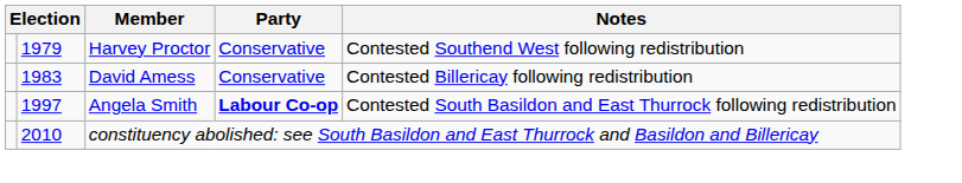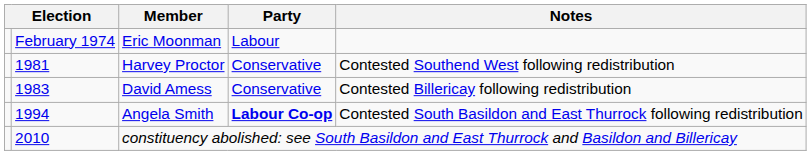 <table class="wikitable">
 <tr>
 <th colspan="2">Election</th>
 <th>Member</th>
 <th>Party</th>
 <th>Notes</th>
 </tr>
 <tr>
 <td style="color:inherit;background-color: "></td>
-<td><a href='#'>1979</a></td>
+<td><a href='#'>February 1974</a></td>
+<td><a href='#'>Eric Moonman</a></td>
+<td><a href='#'>Labour</a></td>
+<td></td>
+</tr>
+<tr>
+<td style="color:inherit;background-color: "></td>
+<td><a href='#'>1981</a></td>
 <td><a href='#'>Harvey Proctor</a></td>
 <td><a href='#'>Conservative</a></td>
 <td>Contested <a href='#'>Southend West</a> following redistribution</td>
 </tr>
 <tr>
 <td style="color:inherit;background-color: "></td>
 <td><a href='#'>1983</a></td>
 <td><a href='#'>David Amess</a></td>
 <td><a href='#'>Conservative</a></td>
 <td>Contested <a href='#'>Billericay</a> following redistribution</td>
 </tr>
 <tr>
 <td style="color:inherit;background-color: "></td>
-<td><a href='#'>1997</a></td>
+<td><a href='#'>1994</a></td>
 <td><a href='#'>Angela Smith</a></td>
 <td><strong><a href='#'>Labour Co-op</a></strong></td>
 <td>Contested <a href='#'>South Basildon and East Thurrock</a> following redistribution</td>
 </tr>
 <tr>
 <td></td>
 <td><a href='#'>2010</a></td>
 <td colspan=3><em>constituency abolished: see <a href='#'>South Basildon and East Thurrock</a> and <a href='#'>Basildon and Billericay</a></em></td>
 </tr>
 </table>
